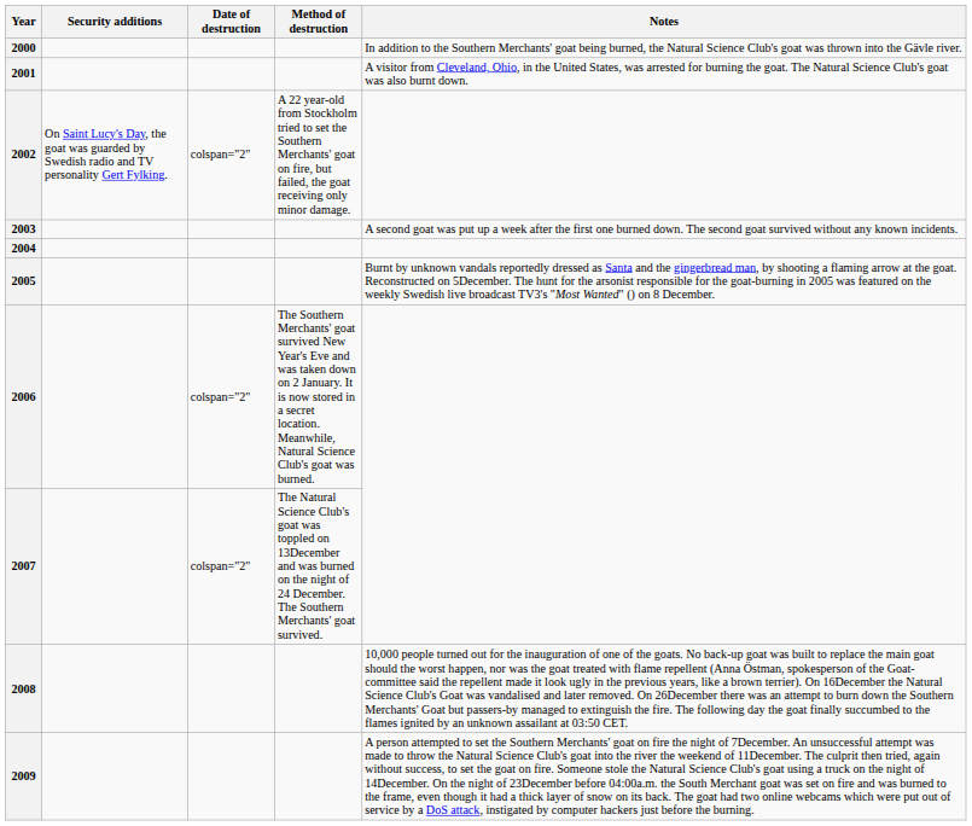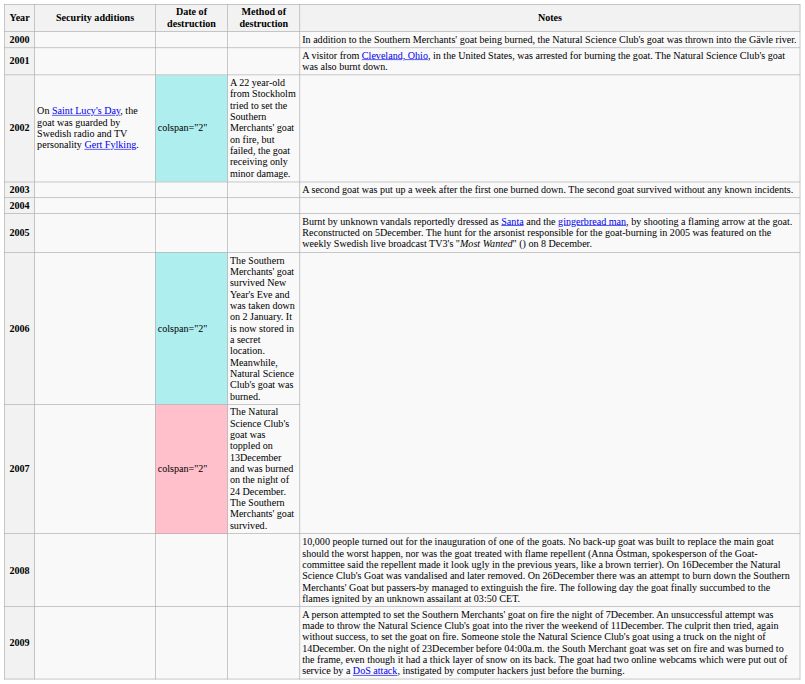 <table class="sortable wikitable" style="width: 100%;">
 <tr>
 <th scope="col" width="40">Year</th>
 <th scope="col" width="180">Security additions</th>
 <th scope="col" width="105">Date of destruction</th>
 <th scope="col" width="105">Method of destruction</th>
 <th scope="col" width="770">Notes</th>
 </tr>
 <tr>
 <th scope="row">2000</th>
 <td></td>
 <td></td>
 <td></td>
 <td>In addition to the Southern Merchants' goat being burned, the Natural Science Club's goat was thrown into the Gävle river.</td>
 </tr>
 <tr>
 <th scope="row">2001</th>
 <td></td>
 <td></td>
 <td></td>
 <td>A visitor from <a href='#'>Cleveland, Ohio</a>, in the United States, was arrested for burning the goat. The Natural Science Club's goat was also burnt down.</td>
 </tr>
 <tr>
 <th scope="row">2002</th>
 <td>On <a href='#'>Saint Lucy's Day</a>, the goat was guarded by Swedish radio and TV personality <a href='#'>Gert Fylking</a>.</td>
-<td>colspan="2" </td>
+<td style="background: paleturquoise;">colspan="2" </td>
 <td>A 22 year-old from Stockholm tried to set the Southern Merchants' goat on fire, but failed, the goat receiving only minor damage.</td>
 </tr>
 <tr>
 <th scope="row">2003</th>
 <td></td>
 <td></td>
 <td></td>
 <td>A second goat was put up a week after the first one burned down. The second goat survived without any known incidents.</td>
 </tr>
 <tr>
 <th scope="row">2004</th>
 <td></td>
 <td></td>
 <td></td>
 <td></td>
 </tr>
 <tr>
 <th scope="row">2005</th>
 <td></td>
 <td></td>
 <td></td>
 <td>Burnt by unknown vandals reportedly dressed as <a href='#'>Santa</a> and the <a href='#'>gingerbread man</a>, by shooting a flaming arrow at the goat. Reconstructed on 5December. The hunt for the arsonist responsible for the goat-burning in 2005 was featured on the weekly Swedish live broadcast TV3's "<em>Most Wanted</em>" () on 8 December.</td>
 </tr>
 <tr>
 <th scope="row">2006</th>
 <td></td>
-<td>colspan="2" </td>
+<td style="background: paleturquoise;">colspan="2" </td>
 <td>The Southern Merchants' goat survived New Year's Eve and was taken down on 2 January. It is now stored in a secret location. Meanwhile, Natural Science Club's goat was burned.</td>
 </tr>
 <tr>
 <th scope="row">2007</th>
 <td></td>
-<td>colspan="2" </td>
+<td style="background: pink;">colspan="2" </td>
 <td>The Natural Science Club's goat was toppled on 13December and was burned on the night of 24 December. The Southern Merchants' goat survived.</td>
 </tr>
 <tr>
 <th scope="row">2008</th>
 <td></td>
 <td></td>
 <td></td>
 <td>10,000 people turned out for the inauguration of one of the goats. No back-up goat was built to replace the main goat should the worst happen, nor was the goat treated with flame repellent (Anna Östman, spokesperson of the Goat-committee said the repellent made it look ugly in the previous years, like a brown terrier). On 16December the Natural Science Club's Goat was vandalised and later removed. On 26December there was an attempt to burn down the Southern Merchants' Goat but passers-by managed to extinguish the fire. The following day the goat finally succumbed to the flames ignited by an unknown assailant at 03:50 CET.</td>
 </tr>
 <tr>
 <th scope="row">2009</th>
 <td></td>
 <td></td>
 <td></td>
 <td>A person attempted to set the Southern Merchants' goat on fire the night of 7December. An unsuccessful attempt was made to throw the Natural Science Club's goat into the river the weekend of 11December. The culprit then tried, again without success, to set the goat on fire. Someone stole the Natural Science Club's goat using a truck on the night of 14December. On the night of 23December before 04:00a.m. the South Merchant goat was set on fire and was burned to the frame, even though it had a thick layer of snow on its back. The goat had two online webcams which were put out of service by a <a href='#'>DoS attack</a>, instigated by computer hackers just before the burning.</td>
 </tr>
 </table>
